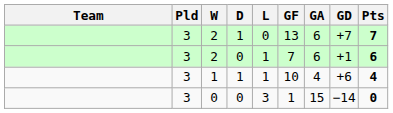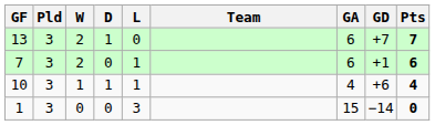 <table class="wikitable" style="text-align:center;">
 <tr>
-<th width=165>Team</th>
+<th width=20>GF</th>
 <th width=20>Pld</th>
 <th width=20>W</th>
 <th width=20>D</th>
 <th width=20>L</th>
-<th width=20>GF</th>
+<th width=165>Team</th>
 <th width=20>GA</th>
 <th width=20>GD</th>
 <th width=20>Pts</th>
 </tr>
 <tr bgcolor=#CCFFCC>
-<td style="text-align:left;"></td>
+<td>13</td>
 <td>3</td>
 <td>2</td>
 <td>1</td>
 <td>0</td>
-<td>13</td>
+<td style="text-align:left;"></td>
 <td>6</td>
 <td>+7</td>
 <td><strong>7</strong></td>
 </tr>
 <tr bgcolor=#CCFFCC>
-<td style="text-align:left;"></td>
+<td>7</td>
 <td>3</td>
 <td>2</td>
 <td>0</td>
 <td>1</td>
-<td>7</td>
+<td style="text-align:left;"></td>
 <td>6</td>
 <td>+1</td>
 <td><strong>6</strong></td>
 </tr>
 <tr>
-<td style="text-align:left;"></td>
+<td>10</td>
 <td>3</td>
 <td>1</td>
 <td>1</td>
 <td>1</td>
-<td>10</td>
+<td style="text-align:left;"></td>
 <td>4</td>
 <td>+6</td>
 <td><strong>4</strong></td>
 </tr>
 <tr>
-<td style="text-align:left;"></td>
+<td>1</td>
 <td>3</td>
 <td>0</td>
 <td>0</td>
 <td>3</td>
-<td>1</td>
+<td style="text-align:left;"></td>
 <td>15</td>
 <td>−14</td>
 <td><strong>0</strong></td>
 </tr>
 </table>
